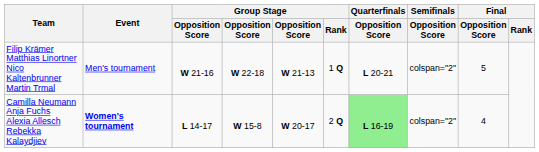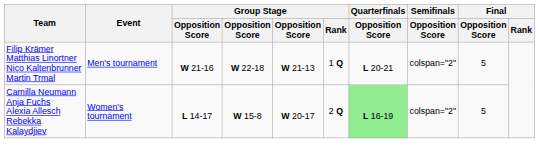 <table class="wikitable" style="text-align:center; font-size:90%">
 <tr>
 <th rowspan="2">Team</th>
 <th rowspan="2">Event</th>
 <th colspan="4">Group Stage</th>
 <th>Quarterfinals</th>
 <th>Semifinals</th>
 <th colspan="2">Final</th>
 </tr>
 <tr>
 <th>Opposition<br>Score</th>
 <th>Opposition<br>Score</th>
 <th>Opposition<br>Score</th>
 <th>Rank</th>
 <th>Opposition<br>Score</th>
 <th>Opposition<br>Score</th>
 <th>Opposition<br>Score</th>
 <th>Rank</th>
 </tr>
 <tr>
 <td align="left"><a href='#'>Filip Krämer</a><br><a href='#'>Matthias Linortner</a><br><a href='#'>Nico Kaltenbrunner</a><br><a href='#'>Martin Trmal</a></td>
 <td align="left"><a href='#'>Men's tournament</a></td>
 <td><br><strong>W</strong> 21-16</td>
 <td><br><strong>W</strong> 22-18</td>
 <td><br><strong>W</strong> 21-13</td>
 <td>1 <strong>Q</strong></td>
 <td><br><strong>L</strong> 20-21</td>
 <td>colspan="2" </td>
 <td>5</td>
 </tr>
 <tr>
 <td align="left"><a href='#'>Camilla Neumann</a><br><a href='#'>Anja Fuchs</a><br><a href='#'>Alexia Allesch</a><br><a href='#'>Rebekka Kalaydjiev</a></td>
-<td align="left"><strong><a href='#'>Women's tournament</a></strong></td>
+<td align="left"><a href='#'>Women's tournament</a></td>
 <td><br><strong>L</strong> 14-17</td>
 <td><br><strong>W</strong> 15-8</td>
 <td><br><strong>W</strong> 20-17</td>
 <td>2 <strong>Q</strong></td>
 <td style="background: lightgreen;"><br><strong>L</strong> 16-19</td>
 <td>colspan="2" </td>
-<td>4</td>
+<td>5</td>
 </tr>
 </table>
